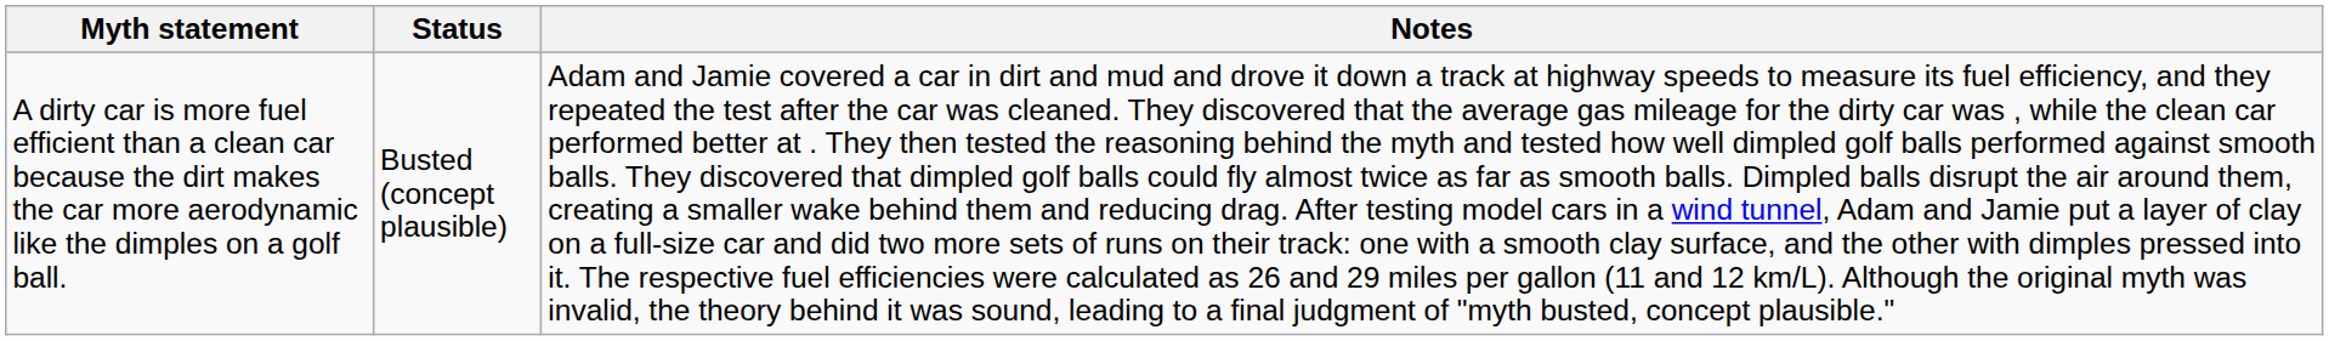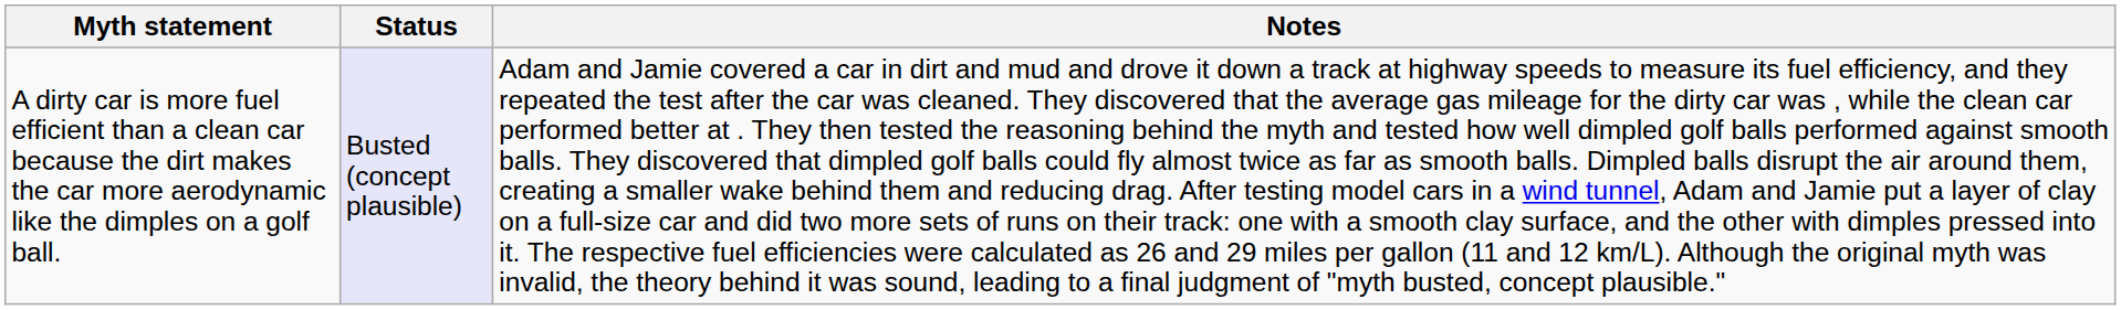 <table class="wikitable plainrowheaders">
 <tr>
 <th>Myth statement</th>
 <th>Status</th>
 <th>Notes</th>
 </tr>
 <tr>
 <td>A dirty car is more fuel efficient than a clean car because the dirt makes the car more aerodynamic like the dimples on a golf ball.</td>
-<td><span>Busted</span> (concept <span>plausible</span>)</td>
+<td style="background: lavender;"><span>Busted</span> (concept <span>plausible</span>)</td>
 <td>Adam and Jamie covered a car in dirt and mud and drove it down a track at highway speeds to measure its fuel efficiency, and they repeated the test after the car was cleaned. They discovered that the average gas mileage for the dirty car was , while the clean car performed better at . They then tested the reasoning behind the myth and tested how well dimpled golf balls performed against smooth balls. They discovered that dimpled golf balls could fly almost twice as far as smooth balls. Dimpled balls disrupt the air around them, creating a smaller wake behind them and reducing drag. After testing model cars in a <a href='#'>wind tunnel</a>, Adam and Jamie put a layer of clay on a full-size car and did two more sets of runs on their track: one with a smooth clay surface, and the other with dimples pressed into it. The respective fuel efficiencies were calculated as 26 and 29 miles per gallon (11 and 12 km/L). Although the original myth was invalid, the theory behind it was sound, leading to a final judgment of "myth busted, concept plausible."</td>
 </tr>
 </table>
